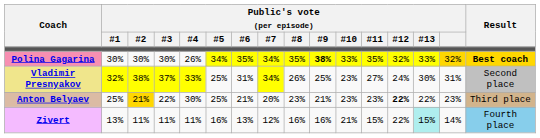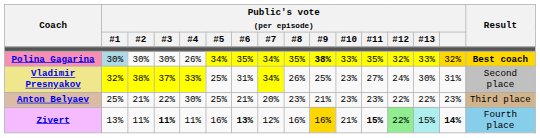 <table class="wikitable sortable" style="text-align:center; width:120%;">
 <tr>
 <th rowspan="2" style="width:14%;">Coach</th>
 <th colspan="14" style="width:10%;">Public's vote<br><sub>(per episode)</sub></th>
 <th rowspan="2" style="width:10%;">Result</th>
 </tr>
 <tr>
 <th style="width:3%;">#1</th>
 <th style="width:3%;">#2</th>
 <th style="width:3%;">#3</th>
 <th style="width:3%;">#4</th>
 <th style="width:3%;">#5</th>
 <th style="width:3%;">#6</th>
 <th style="width:3%;">#7</th>
 <th style="width:3%;">#8</th>
 <th style="width:3%;">#9</th>
 <th style="width:3%;">#10</th>
 <th style="width:3%;">#11</th>
 <th style="width:3%;">#12</th>
 <th style="width:3%;">#13</th>
 <th style="width:3%;"></th>
 </tr>
 <tr>
 <td colspan="16" style="background:#555;"></td>
 </tr>
 <tr>
 <th style="background:#f78fb2;"><a href='#'>Polina Gagarina</a></th>
-<td>30%</td>
+<td style="background: lightblue;">30%</td>
 <td>30%</td>
 <td>30%</td>
 <td>26%</td>
 <td style="background:yellow;">34%</td>
 <td style="background:yellow;">35%</td>
 <td style="background:yellow;">34%</td>
 <td style="background:yellow;">35%</td>
 <td style="background:yellow;"><strong>38%</strong></td>
 <td style="background:yellow;">33%</td>
 <td style="background:yellow;">35%</td>
 <td style="background:yellow;">32%</td>
 <td style="background:yellow;">33%</td>
 <td style="background:gold;">32%</td>
 <td style="background:gold;"><strong>Best coach</strong></td>
 </tr>
 <tr>
 <th style="background:khaki"><a href='#'>Vladimir Presnyakov</a></th>
 <td style="background:yellow;">32%</td>
 <td style="background:yellow;">38%</td>
 <td style="background:yellow;">37%</td>
 <td style="background:yellow;">33%</td>
 <td>25%</td>
 <td>31%</td>
 <td style="background:yellow;">34%</td>
 <td>26%</td>
 <td>25%</td>
 <td>23%</td>
 <td>27%</td>
 <td>24%</td>
 <td>30%</td>
 <td>31%</td>
 <td style="background:silver;">Second place</td>
 </tr>
 <tr>
 <th style="background:#dbbba4;"><a href='#'>Anton Belyaev</a></th>
 <td>25%</td>
-<td style="background: gold;">21%</td>
+<td>21%</td>
 <td>22%</td>
 <td>30%</td>
 <td>25%</td>
 <td>21%</td>
 <td>20%</td>
 <td>23%</td>
 <td>21%</td>
 <td>23%</td>
 <td>23%</td>
-<td><strong>22%</strong></td>
+<td>22%</td>
 <td>22%</td>
 <td>23%</td>
 <td style="background:tan;">Third place</td>
 </tr>
 <tr>
 <th style="background:#f4bbff"><a href='#'>Zivert</a></th>
 <td>13%</td>
 <td>11%</td>
-<td>11%</td>
+<td><strong>11%</strong></td>
 <td>11%</td>
 <td>16%</td>
-<td>13%</td>
+<td><strong>13%</strong></td>
 <td>12%</td>
 <td>16%</td>
-<td>16%</td>
+<td style="background: gold;">16%</td>
 <td>21%</td>
-<td>15%</td>
-<td>22%</td>
+<td><strong>15%</strong></td>
+<td style="background: lightgreen;">22%</td>
 <td style="background: paleturquoise;">15%</td>
-<td>14%</td>
+<td><strong>14%</strong></td>
 <td style="background:skyblue;">Fourth place</td>
 </tr>
 </table>
